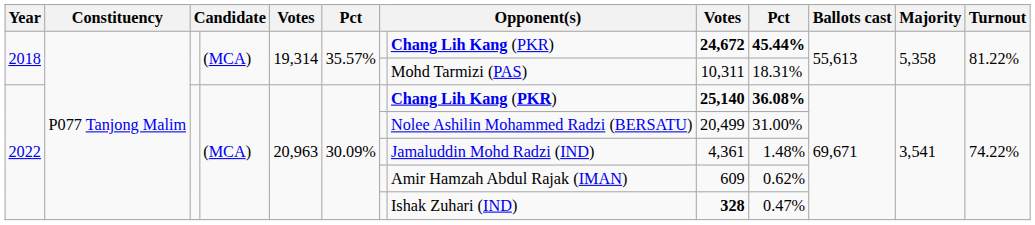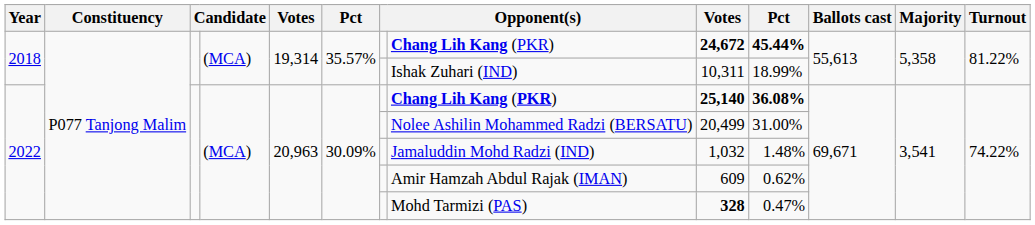 <table class="wikitable" style="margin:0.5em ; font-size:95%">
 <tr>
 <th>Year</th>
 <th>Constituency</th>
 <th colspan=2>Candidate</th>
 <th>Votes</th>
 <th>Pct</th>
 <th colspan=2>Opponent(s)</th>
 <th>Votes</th>
 <th>Pct</th>
 <th>Ballots cast</th>
 <th>Majority</th>
 <th>Turnout</th>
 </tr>
 <tr>
 <td rowspan=2><a href='#'>2018</a></td>
 <td rowspan=7>P077 <a href='#'>Tanjong Malim</a></td>
 <td rowspan=2 ></td>
 <td rowspan=2> (<a href='#'>MCA</a>)</td>
 <td rowspan=2 align="right">19,314</td>
 <td rowspan=2>35.57%</td>
 <td></td>
 <td><strong><a href='#'>Chang Lih Kang</a></strong> (<a href='#'>PKR</a>)</td>
 <td align="right"><strong>24,672</strong></td>
 <td><strong>45.44%</strong></td>
 <td rowspan=2>55,613</td>
 <td rowspan=2>5,358</td>
 <td rowspan=2>81.22%</td>
 </tr>
 <tr>
 <td></td>
-<td>Mohd Tarmizi (<a href='#'>PAS</a>)</td>
+<td>Ishak Zuhari (<a href='#'>IND</a>)</td>
 <td align="right">10,311</td>
-<td>18.31%</td>
+<td>18.99%</td>
 </tr>
 <tr>
 <td rowspan="5"><a href='#'>2022</a></td>
 <td rowspan="5" ></td>
 <td rowspan="5"> (<a href='#'>MCA</a>)</td>
 <td rowspan="5" align="right">20,963</td>
 <td rowspan="5">30.09%</td>
 <td></td>
 <td><strong><a href='#'>Chang Lih Kang</a></strong> (<a href='#'><strong>PKR</strong></a>)</td>
 <td align="right"><strong>25,140</strong></td>
 <td><strong>36.08%</strong></td>
 <td rowspan=5>69,671</td>
 <td rowspan=5>3,541</td>
 <td rowspan=5>74.22%</td>
 </tr>
 <tr>
 <td bgcolor=></td>
 <td><a href='#'>Nolee Ashilin Mohammed Radzi</a> (<a href='#'>BERSATU</a>)</td>
 <td align="right">20,499</td>
 <td>31.00%</td>
 </tr>
 <tr>
 <td></td>
 <td><a href='#'>Jamaluddin Mohd Radzi</a> (<a href='#'>IND</a>)</td>
-<td align="right">4,361</td>
+<td align="right">1,032</td>
 <td align="right">1.48%</td>
 </tr>
 <tr>
 <td bgcolor=></td>
 <td>Amir Hamzah Abdul Rajak (<a href='#'>IMAN</a>)</td>
 <td align="right">609</td>
 <td align="right">0.62%</td>
 </tr>
 <tr>
 <td></td>
-<td>Ishak Zuhari (<a href='#'>IND</a>)</td>
+<td>Mohd Tarmizi (<a href='#'>PAS</a>)</td>
 <td align="right"><strong>328</strong></td>
 <td align="right">0.47%</td>
 </tr>
 </table>
